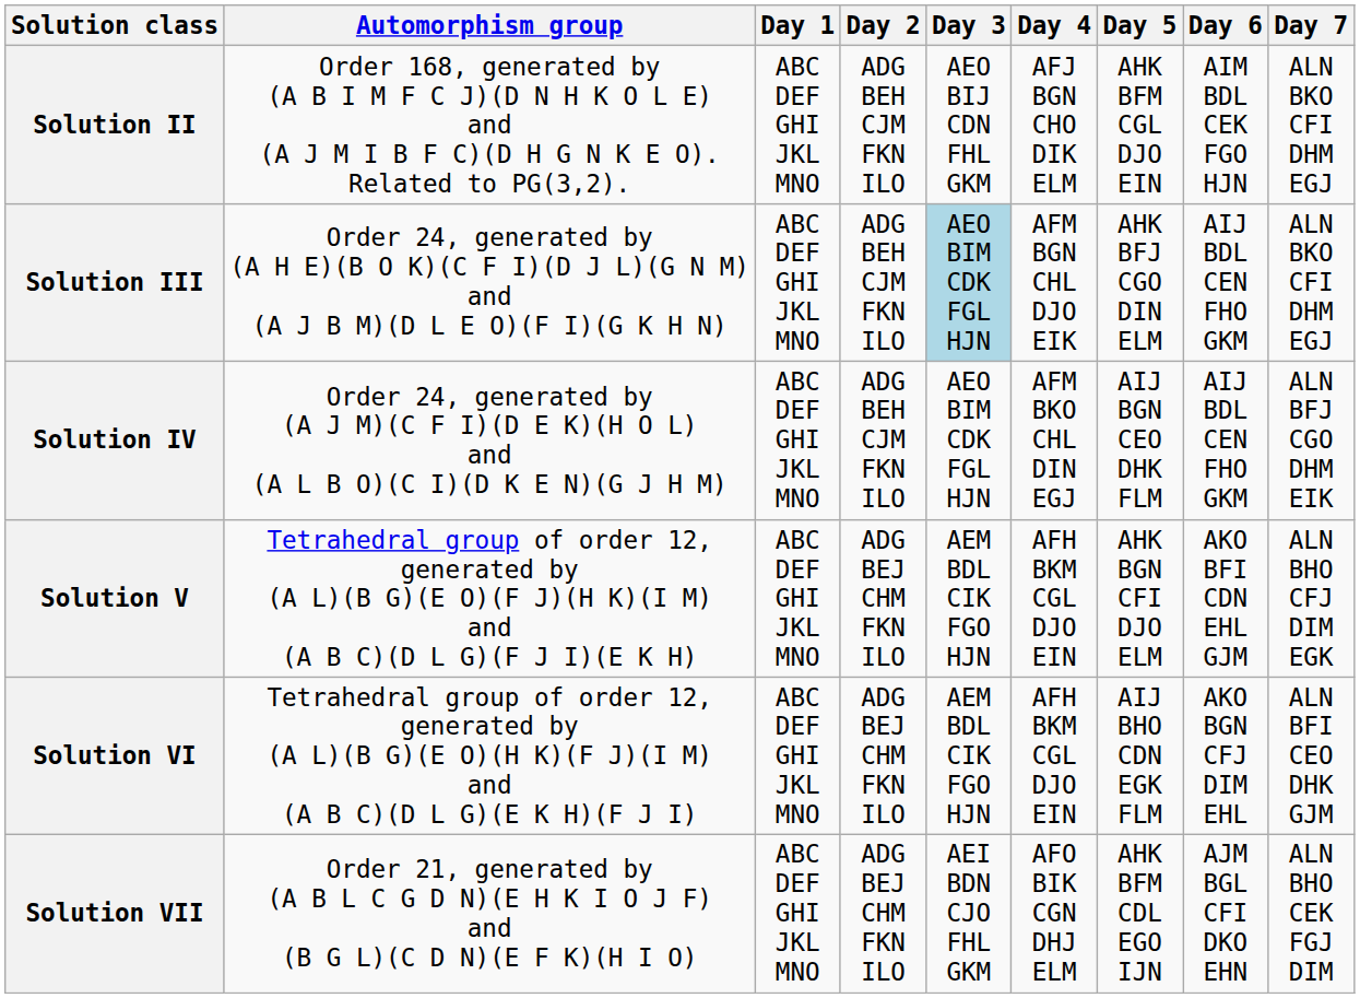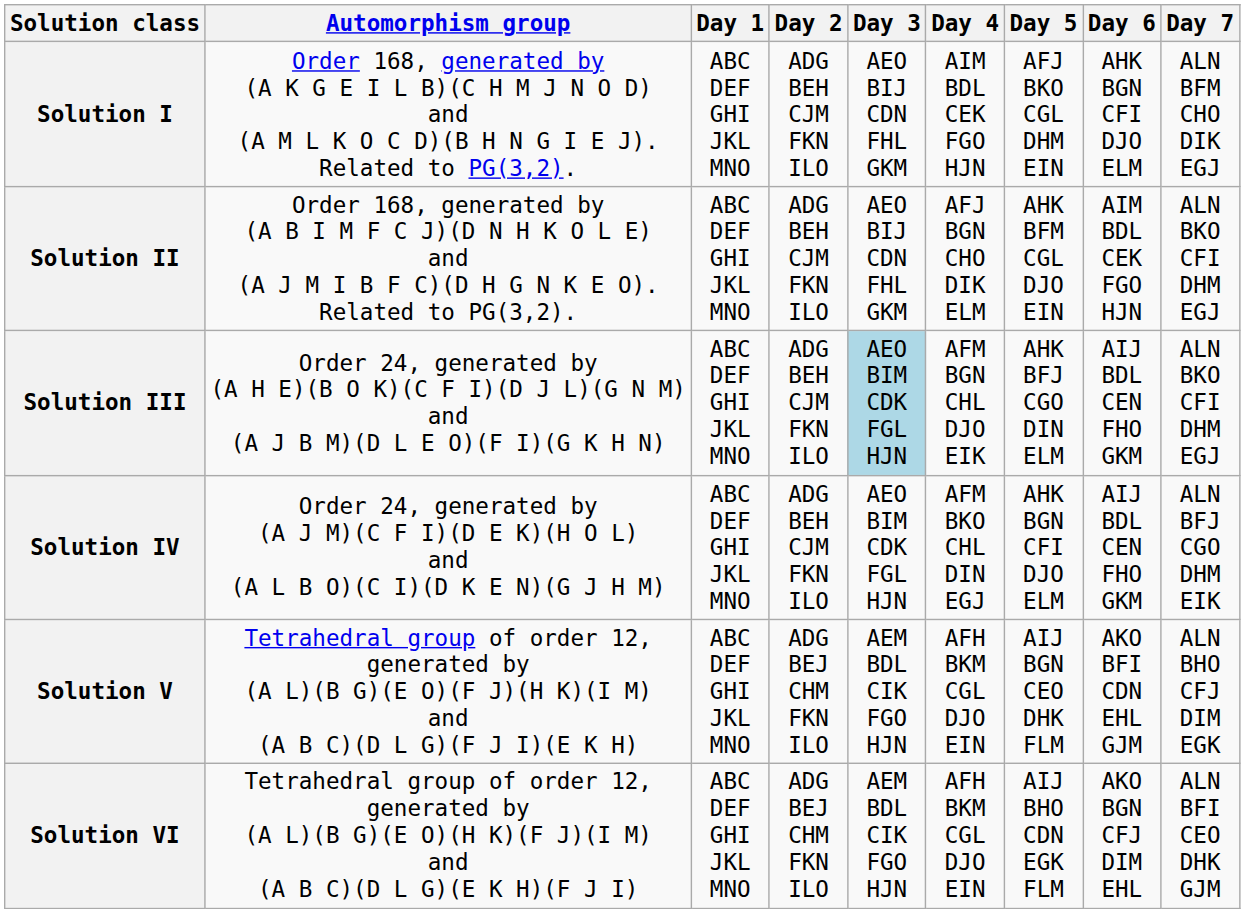 <table class='wikitable sticky-header' align='center' style="font-family:'DejaVu Sans Mono','monospace'">
 <tr>
 <th>Solution class</th>
 <th><a href='#'>Automorphism group</a></th>
 <th>Day 1</th>
 <th>Day 2</th>
 <th>Day 3</th>
 <th>Day 4</th>
 <th>Day 5</th>
 <th>Day 6</th>
 <th>Day 7</th>
+</tr>
+<tr>
+<th>Solution I</th>
+<td align='center'><a href='#'>Order</a> 168, <a href='#'>generated by</a><br>(A K G E I L B)(C H M J N O D)<br>and<br>(A M L K O C D)(B H N G I E J).<br>Related to <a href='#'>PG(3,2)</a>.</td>
+<td align='center'>ABC<br>DEF<br>GHI<br>JKL<br>MNO<br></td>
+<td align='center'>ADG<br>BEH<br>CJM<br>FKN<br>ILO<br></td>
+<td align='center'>AEO<br>BIJ<br>CDN<br>FHL<br>GKM<br></td>
+<td align='center'>AIM<br>BDL<br>CEK<br>FGO<br>HJN<br></td>
+<td align='center'>AFJ<br>BKO<br>CGL<br>DHM<br>EIN<br></td>
+<td align='center'>AHK<br>BGN<br>CFI<br>DJO<br>ELM<br></td>
+<td align='center'>ALN<br>BFM<br>CHO<br>DIK<br>EGJ<br></td>
 </tr>
 <tr>
 <th>Solution II</th>
 <td align='center'>Order 168, generated by<br>(A B I M F C J)(D N H K O L E)<br>and<br>(A J M I B F C)(D H G N K E O).<br>Related to PG(3,2).</td>
 <td align='center'>ABC<br>DEF<br>GHI<br>JKL<br>MNO<br></td>
 <td align='center'>ADG<br>BEH<br>CJM<br>FKN<br>ILO<br></td>
 <td align='center'>AEO<br>BIJ<br>CDN<br>FHL<br>GKM<br></td>
 <td align='center'>AFJ<br>BGN<br>CHO<br>DIK<br>ELM<br></td>
 <td align='center'>AHK<br>BFM<br>CGL<br>DJO<br>EIN<br></td>
 <td align='center'>AIM<br>BDL<br>CEK<br>FGO<br>HJN<br></td>
 <td align='center'>ALN<br>BKO<br>CFI<br>DHM<br>EGJ<br></td>
 </tr>
 <tr>
 <th>Solution III</th>
 <td align='center'>Order 24, generated by<br>(A H E)(B O K)(C F I)(D J L)(G N M)<br>and<br>(A J B M)(D L E O)(F I)(G K H N)</td>
 <td align='center'>ABC<br>DEF<br>GHI<br>JKL<br>MNO<br></td>
 <td align='center'>ADG<br>BEH<br>CJM<br>FKN<br>ILO<br></td>
 <td align='center' style="background: lightblue;">AEO<br>BIM<br>CDK<br>FGL<br>HJN<br></td>
 <td align='center'>AFM<br>BGN<br>CHL<br>DJO<br>EIK<br></td>
 <td align='center'>AHK<br>BFJ<br>CGO<br>DIN<br>ELM<br></td>
 <td align='center'>AIJ<br>BDL<br>CEN<br>FHO<br>GKM<br></td>
 <td align='center'>ALN<br>BKO<br>CFI<br>DHM<br>EGJ<br></td>
 </tr>
 <tr>
 <th>Solution IV</th>
 <td align='center'>Order 24, generated by<br>(A J M)(C F I)(D E K)(H O L)<br>and<br>(A L B O)(C I)(D K E N)(G J H M)</td>
 <td align='center'>ABC<br>DEF<br>GHI<br>JKL<br>MNO<br></td>
 <td align='center'>ADG<br>BEH<br>CJM<br>FKN<br>ILO<br></td>
 <td align='center'>AEO<br>BIM<br>CDK<br>FGL<br>HJN<br></td>
 <td align='center'>AFM<br>BKO<br>CHL<br>DIN<br>EGJ<br></td>
-<td align='center'>AIJ<br>BGN<br>CEO<br>DHK<br>FLM<br></td>
+<td align='center'>AHK<br>BGN<br>CFI<br>DJO<br>ELM<br></td>
 <td align='center'>AIJ<br>BDL<br>CEN<br>FHO<br>GKM<br></td>
 <td align='center'>ALN<br>BFJ<br>CGO<br>DHM<br>EIK<br></td>
 </tr>
 <tr>
 <th>Solution V</th>
 <td align='center'><a href='#'>Tetrahedral group</a> of order 12,<br>generated by<br>(A L)(B G)(E O)(F J)(H K)(I M)<br>and<br>(A B C)(D L G)(F J I)(E K H)</td>
 <td align='center'>ABC<br>DEF<br>GHI<br>JKL<br>MNO<br></td>
 <td align='center'>ADG<br>BEJ<br>CHM<br>FKN<br>ILO<br></td>
 <td align='center'>AEM<br>BDL<br>CIK<br>FGO<br>HJN<br></td>
 <td align='center'>AFH<br>BKM<br>CGL<br>DJO<br>EIN<br></td>
-<td align='center'>AHK<br>BGN<br>CFI<br>DJO<br>ELM<br></td>
+<td align='center'>AIJ<br>BGN<br>CEO<br>DHK<br>FLM<br></td>
 <td align='center'>AKO<br>BFI<br>CDN<br>EHL<br>GJM<br></td>
 <td align='center'>ALN<br>BHO<br>CFJ<br>DIM<br>EGK<br></td>
 </tr>
 <tr>
 <th>Solution VI</th>
 <td align='center'>Tetrahedral group of order 12,<br>generated by<br>(A L)(B G)(E O)(H K)(F J)(I M)<br>and<br>(A B C)(D L G)(E K H)(F J I)</td>
 <td align='center'>ABC<br>DEF<br>GHI<br>JKL<br>MNO<br></td>
 <td align='center'>ADG<br>BEJ<br>CHM<br>FKN<br>ILO<br></td>
 <td align='center'>AEM<br>BDL<br>CIK<br>FGO<br>HJN<br></td>
 <td align='center'>AFH<br>BKM<br>CGL<br>DJO<br>EIN<br></td>
 <td align='center'>AIJ<br>BHO<br>CDN<br>EGK<br>FLM<br></td>
 <td align='center'>AKO<br>BGN<br>CFJ<br>DIM<br>EHL<br></td>
 <td align='center'>ALN<br>BFI<br>CEO<br>DHK<br>GJM<br></td>
 </tr>
-<tr>
-<th>Solution VII</th>
-<td align='center'>Order 21, generated by<br>(A B L C G D N)(E H K I O J F)<br>and<br>(B G L)(C D N)(E F K)(H I O)</td>
-<td align='center'>ABC<br>DEF<br>GHI<br>JKL<br>MNO<br></td>
-<td align='center'>ADG<br>BEJ<br>CHM<br>FKN<br>ILO<br></td>
-<td align='center'>AEI<br>BDN<br>CJO<br>FHL<br>GKM<br></td>
-<td align='center'>AFO<br>BIK<br>CGN<br>DHJ<br>ELM<br></td>
-<td align='center'>AHK<br>BFM<br>CDL<br>EGO<br>IJN<br></td>
-<td align='center'>AJM<br>BGL<br>CFI<br>DKO<br>EHN<br></td>
-<td align='center'>ALN<br>BHO<br>CEK<br>FGJ<br>DIM<br></td>
-</tr>
 </table>
